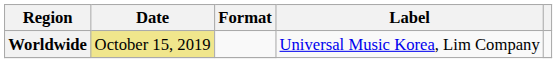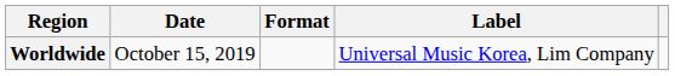 <table class="wikitable plainrowheaders">
 <tr>
 <th>Region</th>
 <th>Date</th>
 <th>Format</th>
 <th>Label</th>
 <th></th>
 </tr>
 <tr>
 <th scope="row">Worldwide</th>
-<td style="background: khaki;">October 15, 2019</td>
+<td>October 15, 2019</td>
 <td></td>
 <td rowspan="2"><a href='#'>Universal Music Korea</a>, Lim Company</td>
 <td align=center></td>
 </tr>
 <tr>
 </tr>
 </table>
